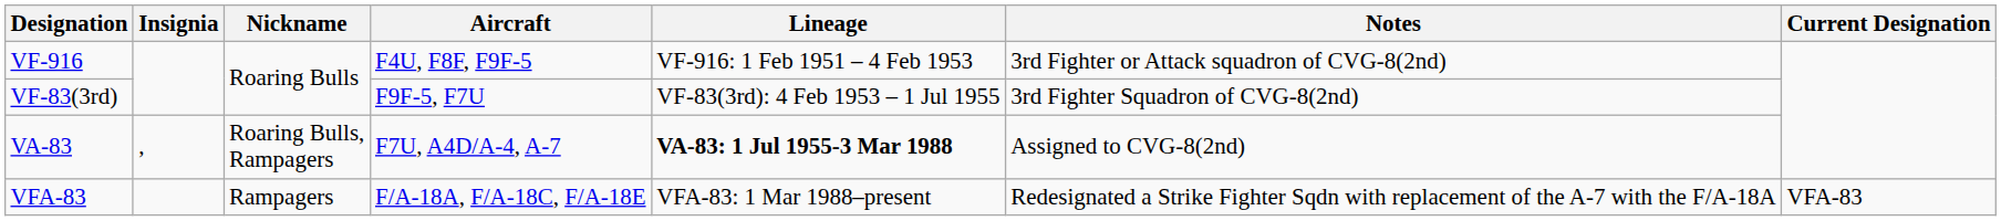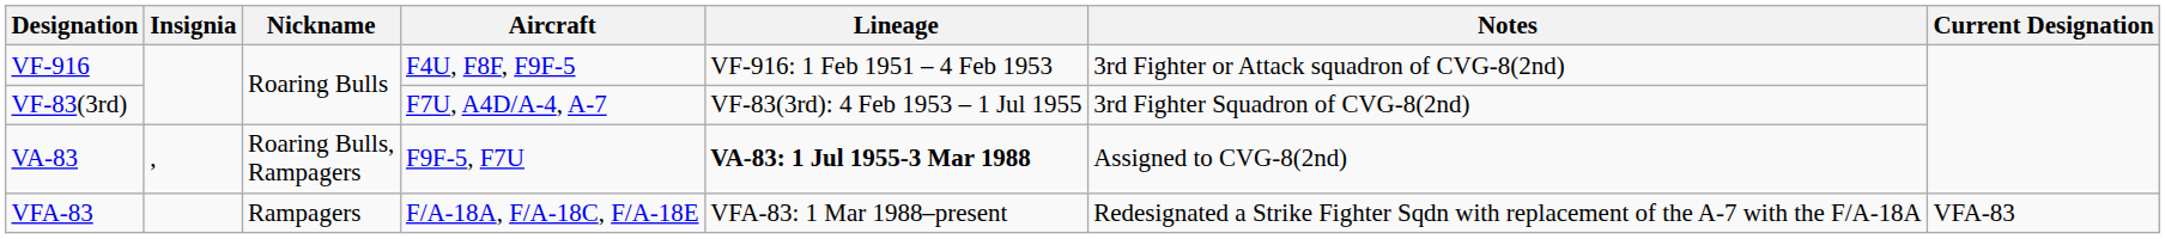 <table class="wikitable">
 <tr>
 <th>Designation</th>
 <th>Insignia</th>
 <th>Nickname</th>
 <th>Aircraft</th>
 <th>Lineage</th>
 <th>Notes</th>
 <th>Current Designation</th>
 </tr>
 <tr>
 <td><a href='#'>VF-916</a></td>
 <td Rowspan="2"></td>
 <td Rowspan="2">Roaring Bulls</td>
 <td><a href='#'>F4U</a>, <a href='#'>F8F</a>, <a href='#'>F9F-5</a></td>
 <td style="white-space: nowrap;">VF-916: 1 Feb 1951 – 4 Feb 1953</td>
 <td>3rd Fighter or Attack squadron of CVG-8(2nd)</td>
 </tr>
 <tr>
 <td><a href='#'>VF-83</a>(3rd)</td>
-<td><a href='#'>F9F-5</a>, <a href='#'>F7U</a></td>
+<td><a href='#'>F7U</a>, <a href='#'>A4D/A-4</a>, <a href='#'>A-7</a></td>
 <td style="white-space: nowrap;">VF-83(3rd): 4 Feb 1953 – 1 Jul 1955</td>
 <td>3rd Fighter Squadron of CVG-8(2nd)</td>
 </tr>
 <tr>
 <td><a href='#'>VA-83</a></td>
 <td>, </td>
 <td>Roaring Bulls,<br>Rampagers</td>
-<td><a href='#'>F7U</a>, <a href='#'>A4D/A-4</a>, <a href='#'>A-7</a></td>
+<td><a href='#'>F9F-5</a>, <a href='#'>F7U</a></td>
 <td><strong>VA-83: 1 Jul 1955-3 Mar 1988</strong></td>
 <td>Assigned to CVG-8(2nd)</td>
 </tr>
 <tr>
 <td><a href='#'>VFA-83</a></td>
 <td></td>
 <td>Rampagers</td>
 <td><a href='#'>F/A-18A</a>, <a href='#'>F/A-18C</a>, <a href='#'>F/A-18E</a></td>
 <td>VFA-83: 1 Mar 1988–present</td>
 <td>Redesignated a Strike Fighter Sqdn with replacement of the A-7 with the F/A-18A</td>
 <td>VFA-83</td>
 </tr>
 </table>
